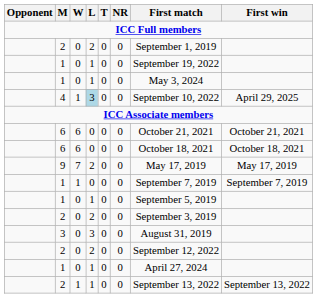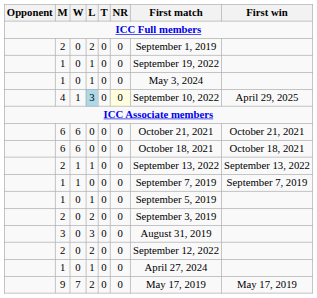 <table class="wikitable" style="text-align: center;">
 <tr>
 <th>Opponent</th>
 <th>M</th>
 <th>W</th>
 <th>L</th>
 <th>T</th>
 <th>NR</th>
 <th>First match</th>
 <th>First win</th>
 </tr>
 <tr>
 <td colspan="8" style="text-align: center;"><strong><a href='#'>ICC Full members</a></strong></td>
 </tr>
 <tr>
 <td align=left></td>
 <td>2</td>
 <td>0</td>
 <td>2</td>
 <td>0</td>
 <td>0</td>
 <td>September 1, 2019</td>
 <td></td>
 </tr>
 <tr>
 <td align=left></td>
 <td>1</td>
 <td>0</td>
 <td>1</td>
 <td>0</td>
 <td>0</td>
 <td>September 19, 2022</td>
 <td></td>
 </tr>
 <tr>
 <td align=left></td>
 <td>1</td>
 <td>0</td>
 <td>1</td>
 <td>0</td>
 <td>0</td>
 <td>May 3, 2024</td>
 <td></td>
 </tr>
 <tr>
 <td align=left></td>
 <td>4</td>
 <td>1</td>
 <td style="background: lightblue;">3</td>
 <td>0</td>
-<td>0</td>
+<td style="background: lightyellow;">0</td>
 <td>September 10, 2022</td>
 <td>April 29, 2025</td>
 </tr>
 <tr>
 <td colspan="8" style="text-align: center;"><strong><a href='#'>ICC Associate members</a></strong></td>
 </tr>
 <tr>
 <td align=left></td>
 <td>6</td>
 <td>6</td>
 <td>0</td>
 <td>0</td>
 <td>0</td>
 <td>October 21, 2021</td>
 <td>October 21, 2021</td>
 </tr>
 <tr>
 <td align=left></td>
 <td>6</td>
 <td>6</td>
 <td>0</td>
 <td>0</td>
 <td>0</td>
 <td>October 18, 2021</td>
 <td>October 18, 2021</td>
 </tr>
 <tr>
 <td align=left></td>
-<td>9</td>
-<td>7</td>
 <td>2</td>
+<td>1</td>
+<td>1</td>
 <td>0</td>
 <td>0</td>
-<td>May 17, 2019</td>
-<td>May 17, 2019</td>
+<td>September 13, 2022</td>
+<td>September 13, 2022</td>
 </tr>
 <tr>
 <td align=left></td>
 <td>1</td>
 <td>1</td>
 <td>0</td>
 <td>0</td>
 <td>0</td>
 <td>September 7, 2019</td>
 <td>September 7, 2019</td>
 </tr>
 <tr>
 <td align=left></td>
 <td>1</td>
 <td>0</td>
 <td>1</td>
 <td>0</td>
 <td>0</td>
 <td>September 5, 2019</td>
 <td></td>
 </tr>
 <tr>
 <td align=left></td>
 <td>2</td>
 <td>0</td>
 <td>2</td>
 <td>0</td>
 <td>0</td>
 <td>September 3, 2019</td>
 <td></td>
 </tr>
 <tr>
 <td align=left></td>
 <td>3</td>
 <td>0</td>
 <td>3</td>
 <td>0</td>
 <td>0</td>
 <td>August 31, 2019</td>
 <td></td>
 </tr>
 <tr>
 <td align=left></td>
 <td>2</td>
 <td>0</td>
 <td>2</td>
 <td>0</td>
 <td>0</td>
 <td>September 12, 2022</td>
 <td></td>
 </tr>
 <tr>
 <td align=left></td>
 <td>1</td>
 <td>0</td>
 <td>1</td>
 <td>0</td>
 <td>0</td>
 <td>April 27, 2024</td>
 <td></td>
 </tr>
 <tr>
 <td align=left></td>
+<td>9</td>
+<td>7</td>
 <td>2</td>
-<td>1</td>
-<td>1</td>
 <td>0</td>
 <td>0</td>
-<td>September 13, 2022</td>
-<td>September 13, 2022</td>
+<td>May 17, 2019</td>
+<td>May 17, 2019</td>
 </tr>
 </table>
